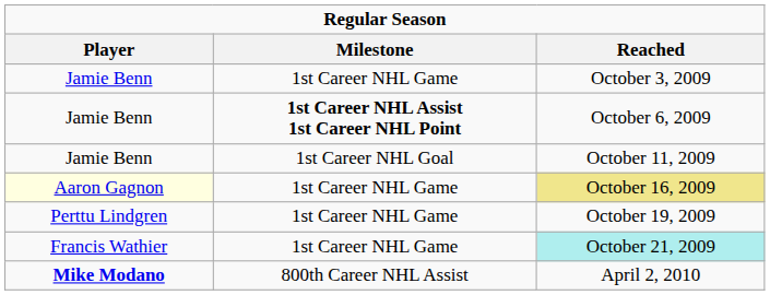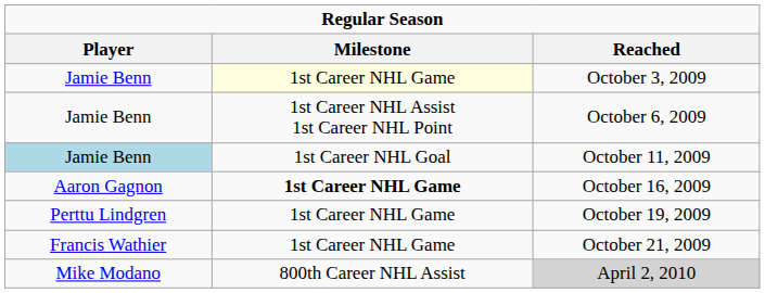 <table class="wikitable" width="52%" style="text-align:center">
 <tr>
 <td colspan="10" align="center"><strong>Regular Season</strong></td>
 </tr>
 <tr>
 <th>Player</th>
 <th>Milestone</th>
 <th>Reached</th>
 </tr>
 <tr>
 <td><a href='#'>Jamie Benn</a></td>
-<td>1st Career NHL Game</td>
+<td style="background: lightyellow;">1st Career NHL Game</td>
 <td>October 3, 2009</td>
 </tr>
 <tr>
 <td>Jamie Benn</td>
-<td><strong>1st Career NHL Assist<br>1st Career NHL Point</strong></td>
+<td>1st Career NHL Assist<br>1st Career NHL Point</td>
 <td>October 6, 2009</td>
 </tr>
 <tr>
-<td>Jamie Benn</td>
+<td style="background: lightblue;">Jamie Benn</td>
 <td>1st Career NHL Goal</td>
 <td>October 11, 2009</td>
 </tr>
 <tr>
-<td style="background: lightyellow;"><a href='#'>Aaron Gagnon</a></td>
-<td>1st Career NHL Game</td>
-<td style="background: khaki;">October 16, 2009</td>
+<td><a href='#'>Aaron Gagnon</a></td>
+<td><strong>1st Career NHL Game</strong></td>
+<td>October 16, 2009</td>
 </tr>
 <tr>
 <td><a href='#'>Perttu Lindgren</a></td>
 <td>1st Career NHL Game</td>
 <td>October 19, 2009</td>
 </tr>
 <tr>
 <td><a href='#'>Francis Wathier</a></td>
 <td>1st Career NHL Game</td>
-<td style="background: paleturquoise;">October 21, 2009</td>
+<td>October 21, 2009</td>
 </tr>
 <tr>
-<td><strong><a href='#'>Mike Modano</a></strong></td>
+<td><a href='#'>Mike Modano</a></td>
 <td>800th Career NHL Assist</td>
-<td>April 2, 2010</td>
+<td style="background: lightgrey;">April 2, 2010</td>
 </tr>
 </table>
